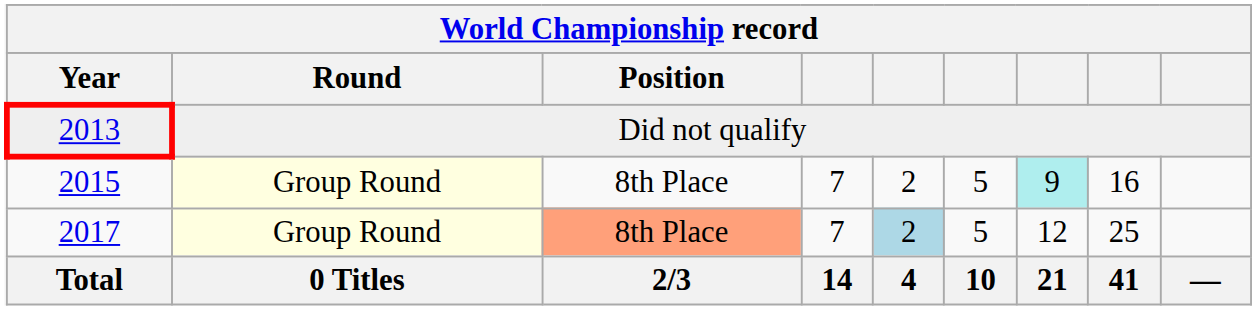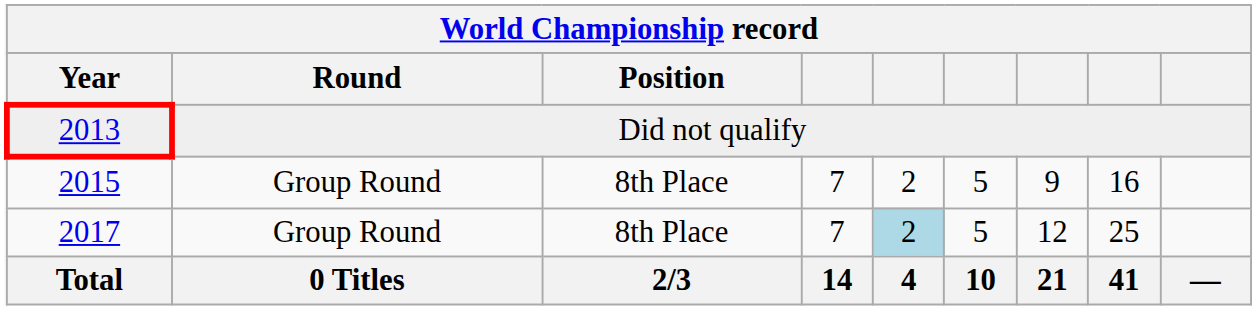 <table class="wikitable" style="text-align: center;font-size:100%; width: 650px;">
 <tr>
 <th colspan=9><strong><a href='#'>World Championship</a> record</strong></th>
 </tr>
 <tr>
 <th><strong>Year</strong></th>
 <th><strong>Round</strong></th>
 <th><strong>Position</strong></th>
 <th width=30><strong></strong></th>
 <th width=30><strong></strong></th>
 <th width=30><strong></strong></th>
 <th width=30><strong></strong></th>
 <th width=30><strong></strong></th>
 <th><strong></strong></th>
 </tr>
 <tr bgcolor="efefef">
 <td style="border:3px solid red"> <a href='#'>2013</a></td>
 <td rowspan="1" colspan="8">Did not qualify</td>
 </tr>
 <tr>
 <td> <a href='#'>2015</a></td>
-<td style="background: lightyellow;">Group Round</td>
+<td>Group Round</td>
 <td>8th Place</td>
 <td>7</td>
 <td>2</td>
 <td>5</td>
-<td style="background: paleturquoise;">9</td>
+<td>9</td>
 <td>16</td>
 <td></td>
 </tr>
 <tr>
 <td> <a href='#'>2017</a></td>
-<td style="background: lightyellow;">Group Round</td>
-<td style="background: lightsalmon;">8th Place</td>
+<td>Group Round</td>
+<td>8th Place</td>
 <td>7</td>
 <td style="background: lightblue;">2</td>
 <td>5</td>
 <td>12</td>
 <td>25</td>
 <td></td>
 </tr>
 <tr>
 <th><strong>Total</strong></th>
 <th><strong>0 Titles</strong></th>
 <th><strong>2/3</strong></th>
 <th><strong>14</strong></th>
 <th><strong>4</strong></th>
 <th><strong>10</strong></th>
 <th><strong>21</strong></th>
 <th><strong>41</strong></th>
 <th><strong>—</strong></th>
 </tr>
 </table>
